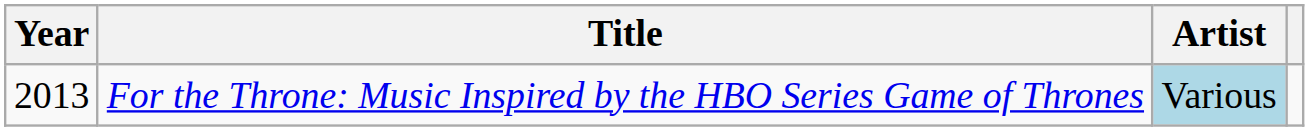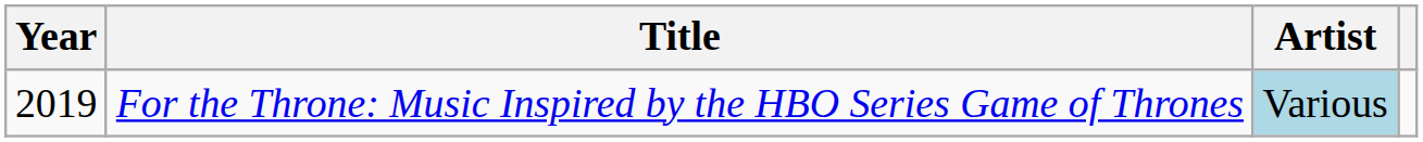 <table class="wikitable">
 <tr>
 <th>Year</th>
 <th>Title</th>
 <th>Artist</th>
 <th scope="col" class="unsortable"></th>
 </tr>
 <tr>
-<td>2013</td>
+<td>2019</td>
 <td><em><a href='#'>For the Throne: Music Inspired by the HBO Series Game of Thrones</a></em></td>
 <td style="background: lightblue;">Various</td>
 <td style="text-align:center;"></td>
 </tr>
 </table>
